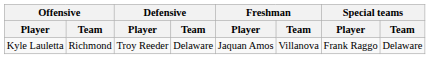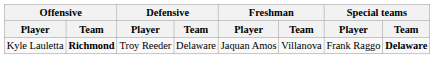 <table class="wikitable" border="1">
 <tr>
 <th colspan="2">Offensive</th>
 <th colspan="2">Defensive</th>
 <th colspan="2">Freshman</th>
 <th colspan="2">Special teams</th>
 </tr>
 <tr>
 <th>Player</th>
 <th>Team</th>
 <th>Player</th>
 <th>Team</th>
 <th>Player</th>
 <th>Team</th>
 <th>Player</th>
 <th>Team</th>
 </tr>
 <tr>
 <td>Kyle Lauletta</td>
-<td>Richmond</td>
+<td><strong>Richmond</strong></td>
 <td>Troy Reeder</td>
 <td>Delaware</td>
 <td>Jaquan Amos</td>
 <td>Villanova</td>
 <td>Frank Raggo</td>
-<td>Delaware</td>
+<td><strong>Delaware</strong></td>
 </tr>
 </table>
